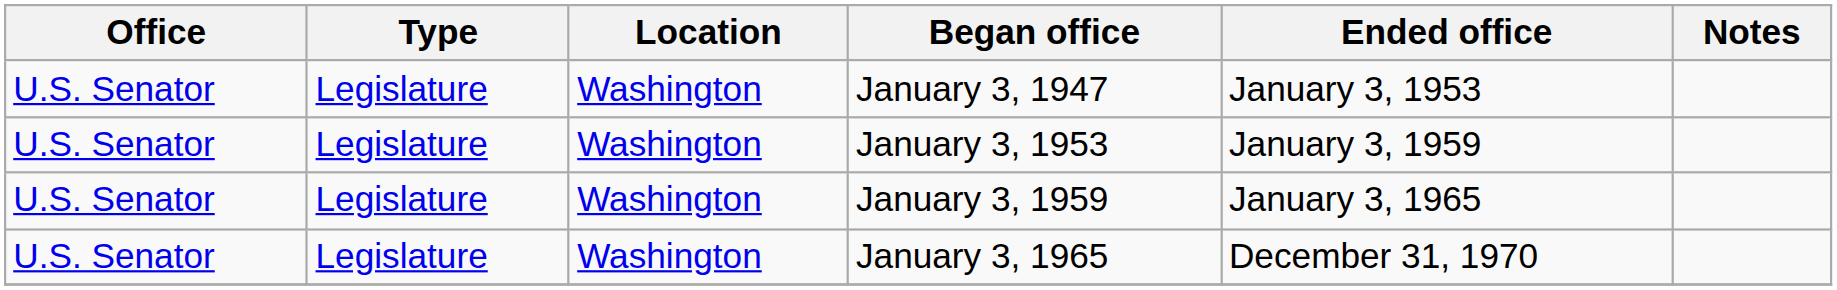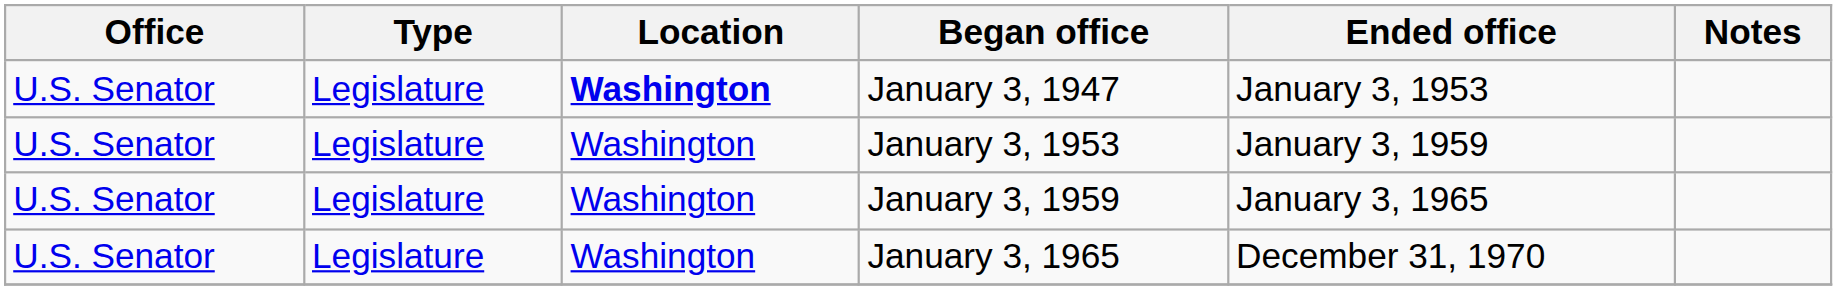 <table class=wikitable style="width: 94%" style="text-align: center;" align="center">
 <tr>
 <th>Office</th>
 <th>Type</th>
 <th>Location</th>
 <th>Began office</th>
 <th>Ended office</th>
 <th>Notes</th>
 </tr>
 <tr>
 <td><a href='#'>U.S. Senator</a></td>
 <td><a href='#'>Legislature</a></td>
-<td><a href='#'>Washington</a></td>
+<td><strong><a href='#'>Washington</a></strong></td>
 <td>January 3, 1947</td>
 <td>January 3, 1953</td>
 <td></td>
 </tr>
 <tr>
 <td><a href='#'>U.S. Senator</a></td>
 <td><a href='#'>Legislature</a></td>
 <td><a href='#'>Washington</a></td>
 <td>January 3, 1953</td>
 <td>January 3, 1959</td>
 <td></td>
 </tr>
 <tr>
 <td><a href='#'>U.S. Senator</a></td>
 <td><a href='#'>Legislature</a></td>
 <td><a href='#'>Washington</a></td>
 <td>January 3, 1959</td>
 <td>January 3, 1965</td>
 <td></td>
 </tr>
 <tr>
 <td><a href='#'>U.S. Senator</a></td>
 <td><a href='#'>Legislature</a></td>
 <td><a href='#'>Washington</a></td>
 <td>January 3, 1965</td>
 <td>December 31, 1970</td>
 <td></td>
 </tr>
 <tr>
 </tr>
 </table>
